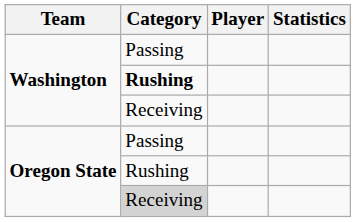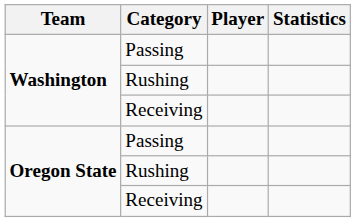 <table class="wikitable" style="float: right;">
 <tr>
 <th>Team</th>
 <th>Category</th>
 <th>Player</th>
 <th>Statistics</th>
 </tr>
 <tr>
 <td rowspan=3><strong>Washington</strong></td>
 <td>Passing</td>
 <td></td>
 <td></td>
 </tr>
 <tr>
-<td><strong>Rushing</strong></td>
+<td>Rushing</td>
 <td></td>
 <td></td>
 </tr>
 <tr>
 <td>Receiving</td>
 <td></td>
 <td></td>
 </tr>
 <tr>
 <td rowspan=3><strong>Oregon State</strong></td>
 <td>Passing</td>
 <td></td>
 <td></td>
 </tr>
 <tr>
 <td>Rushing</td>
 <td></td>
 <td></td>
 </tr>
 <tr>
-<td style="background: lightgrey;">Receiving</td>
+<td>Receiving</td>
 <td></td>
 <td></td>
 </tr>
 </table>
